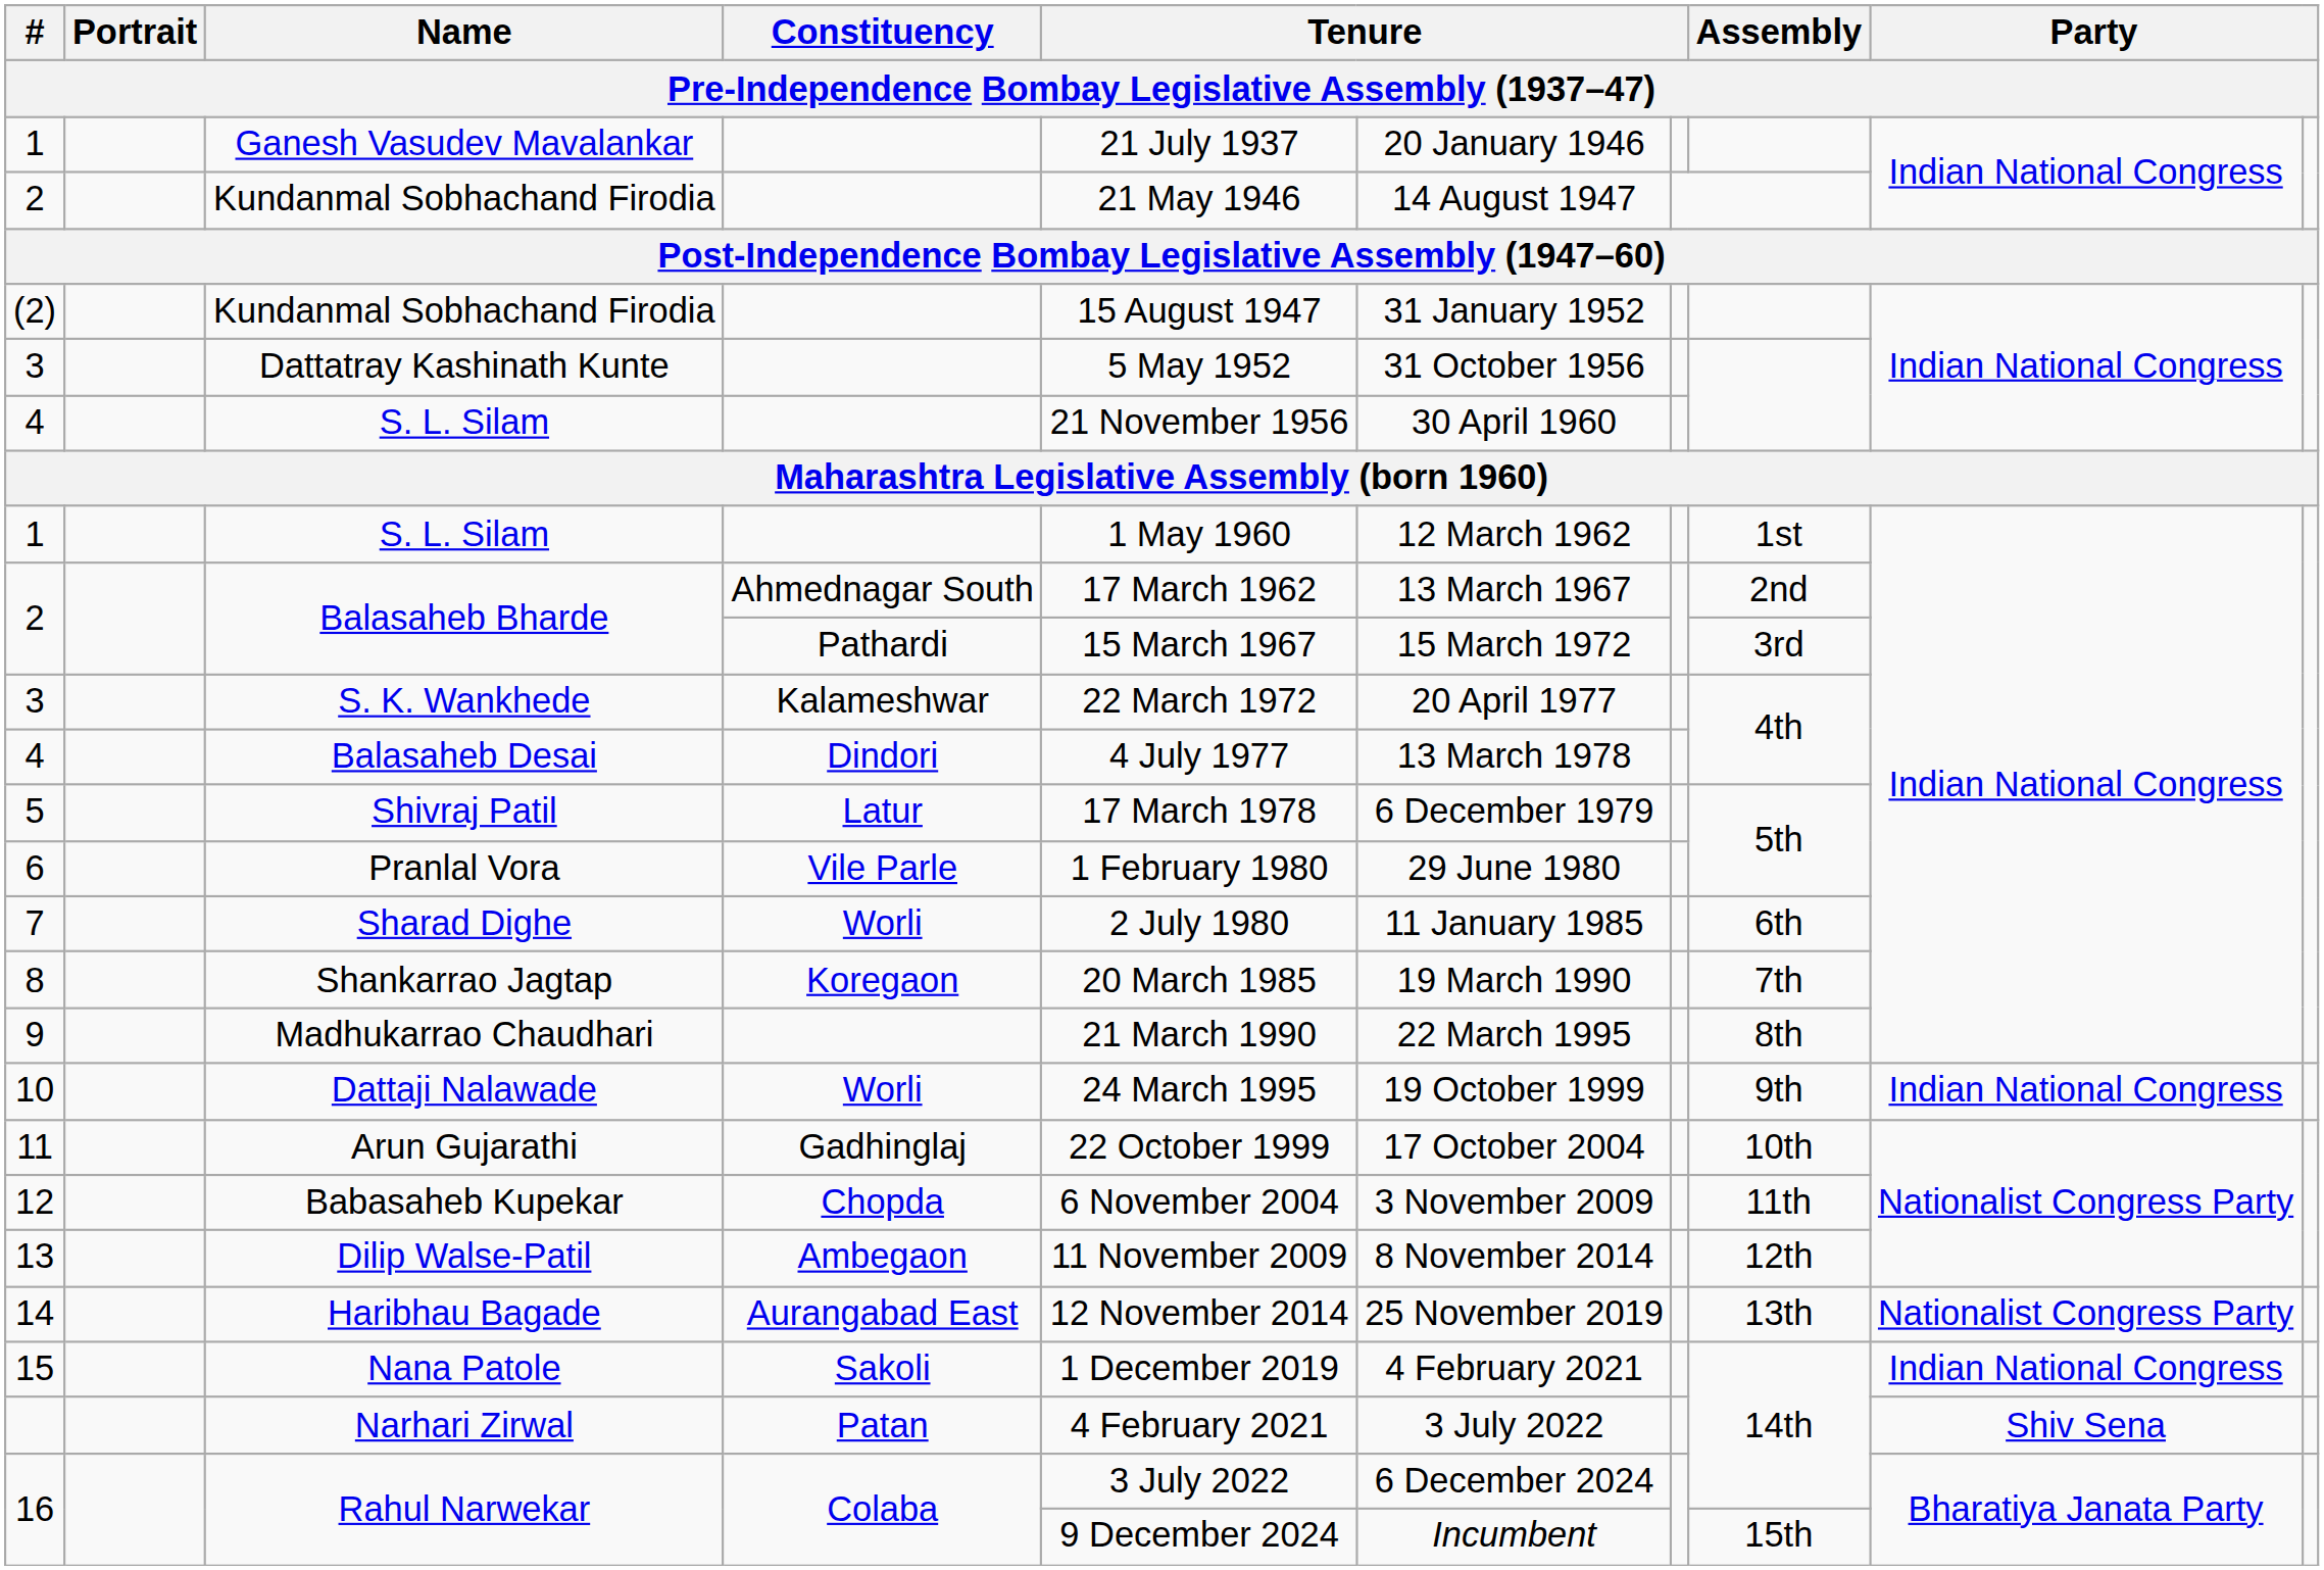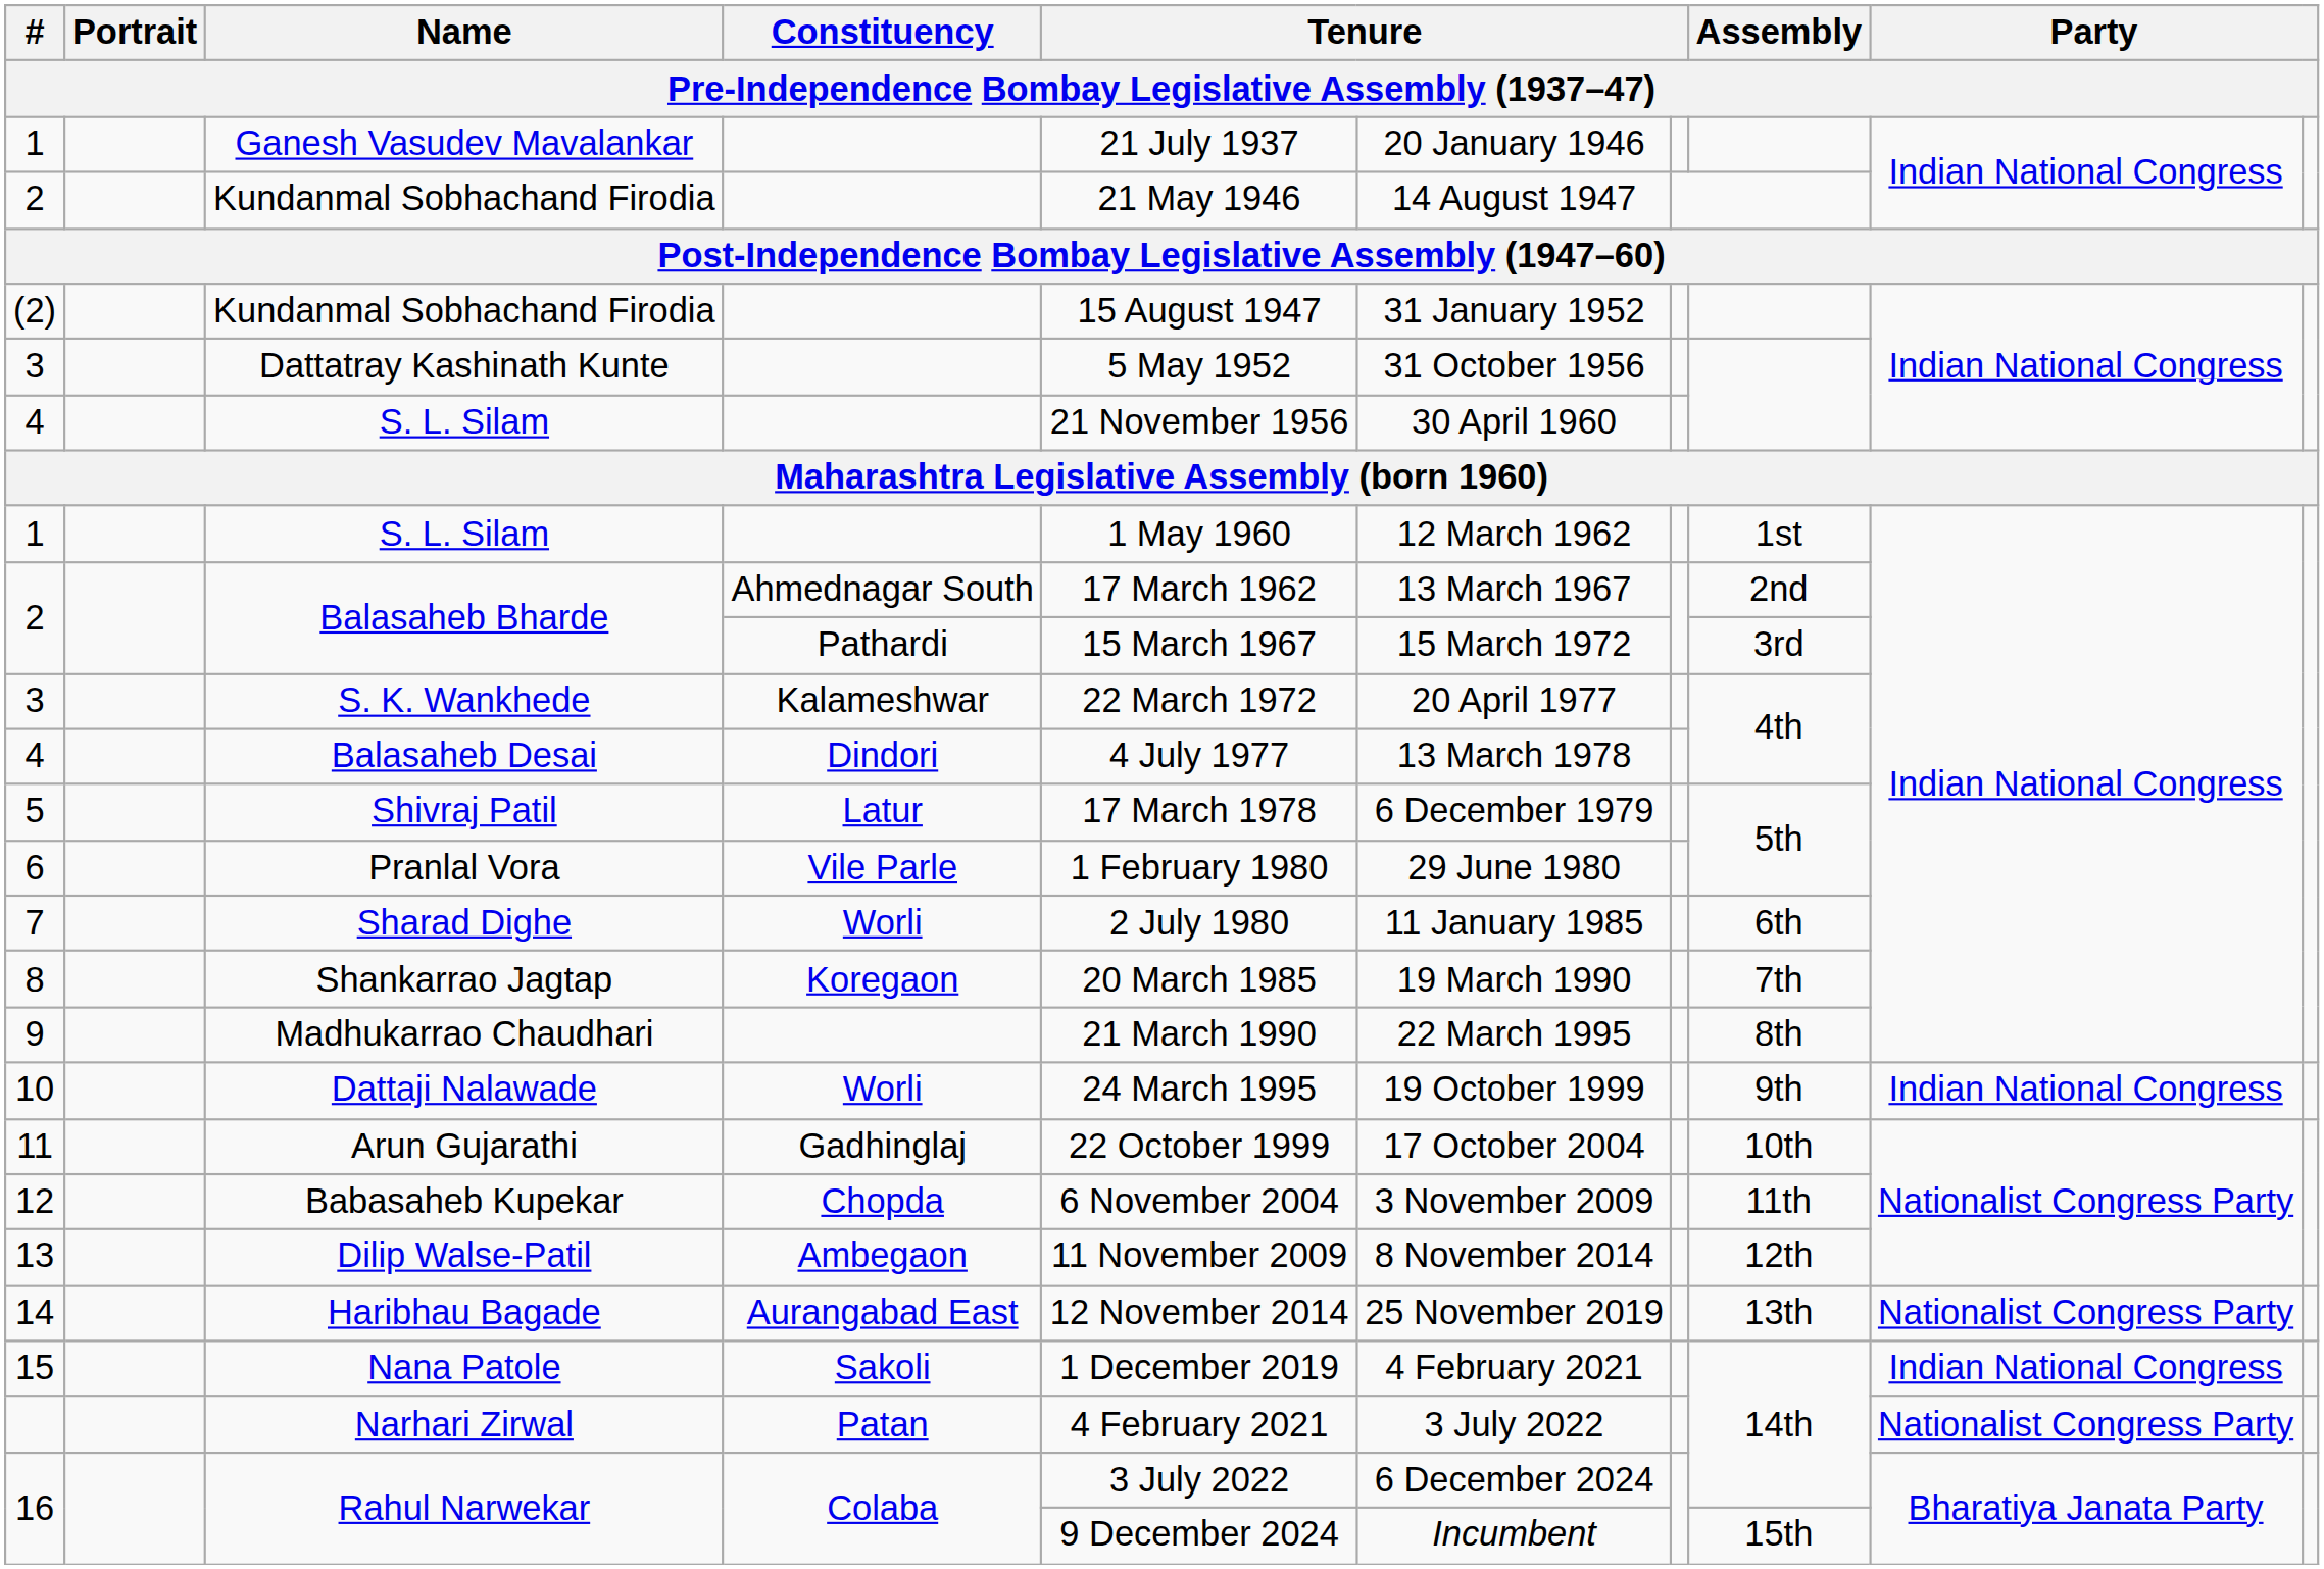 <table class="wikitable" style="text-align:center">
 <tr>
 <th>#</th>
 <th>Portrait</th>
 <th>Name</th>
 <th><a href='#'>Constituency</a></th>
 <th colspan="3" scope="col">Tenure</th>
 <th>Assembly<br></th>
 <th colspan="2" scope="col">Party</th>
 </tr>
 <tr>
 <th colspan="10"><strong><a href='#'>Pre-Independence</a> <a href='#'>Bombay Legislative Assembly</a></strong> (1937–47)</th>
 </tr>
 <tr>
 <td>1</td>
 <td></td>
 <td><a href='#'>Ganesh Vasudev Mavalankar</a></td>
 <td></td>
 <td>21 July 1937</td>
 <td>20 January 1946</td>
 <td></td>
 <td></td>
 <td rowspan="2"><a href='#'>Indian National Congress</a></td>
 <td rowspan="2" style="background-color: "></td>
 </tr>
 <tr>
 <td>2</td>
 <td></td>
 <td>Kundanmal Sobhachand Firodia</td>
 <td></td>
 <td>21 May 1946</td>
 <td>14 August 1947</td>
 </tr>
 <tr>
 <th colspan="10"><strong><a href='#'>Post-Independence</a> <a href='#'>Bombay Legislative Assembly</a></strong> (1947–60)</th>
 </tr>
 <tr>
 <td>(2)</td>
 <td></td>
 <td>Kundanmal Sobhachand Firodia</td>
 <td></td>
 <td>15 August 1947</td>
 <td>31 January 1952</td>
 <td></td>
 <td></td>
 <td rowspan="3"><a href='#'>Indian National Congress</a></td>
 <td rowspan="3" style="background-color: "></td>
 </tr>
 <tr>
 <td>3</td>
 <td></td>
 <td>Dattatray Kashinath Kunte</td>
 <td></td>
 <td>5 May 1952</td>
 <td>31 October 1956</td>
 <td></td>
 </tr>
 <tr>
 <td>4</td>
 <td></td>
 <td><a href='#'>S. L. Silam</a></td>
 <td></td>
 <td>21 November 1956</td>
 <td>30 April 1960</td>
 <td></td>
 </tr>
 <tr>
 <th colspan="10"><strong><a href='#'>Maharashtra Legislative Assembly</a></strong> (born 1960)</th>
 </tr>
 <tr>
 <td>1</td>
 <td></td>
 <td><a href='#'>S. L. Silam</a></td>
 <td></td>
 <td>1 May 1960</td>
 <td>12 March 1962</td>
 <td></td>
 <td>1st<br></td>
 <td rowspan="10"><a href='#'>Indian National Congress</a></td>
 <td rowspan="10" style="background-color: "></td>
 </tr>
 <tr>
 <td rowspan="2">2</td>
 <td rowspan="2"></td>
 <td rowspan="2"><a href='#'>Balasaheb Bharde</a></td>
 <td>Ahmednagar South</td>
 <td>17 March 1962</td>
 <td>13 March 1967</td>
 <td rowspan="2"></td>
 <td>2nd<br></td>
 </tr>
 <tr>
 <td>Pathardi</td>
 <td>15 March 1967</td>
 <td>15 March 1972</td>
 <td>3rd<br></td>
 </tr>
 <tr>
 <td>3</td>
 <td></td>
 <td><a href='#'>S. K. Wankhede</a></td>
 <td>Kalameshwar</td>
 <td>22 March 1972</td>
 <td>20 April 1977</td>
 <td></td>
 <td rowspan="2">4th<br></td>
 </tr>
 <tr>
 <td>4</td>
 <td></td>
 <td><a href='#'>Balasaheb Desai</a></td>
 <td><a href='#'>Dindori</a></td>
 <td>4 July 1977</td>
 <td>13 March 1978</td>
 <td></td>
 </tr>
 <tr>
 <td>5</td>
 <td></td>
 <td><a href='#'>Shivraj Patil</a></td>
 <td><a href='#'>Latur</a></td>
 <td>17 March 1978</td>
 <td>6 December 1979</td>
 <td></td>
 <td rowspan="2">5th<br></td>
 </tr>
 <tr>
 <td>6</td>
 <td></td>
 <td>Pranlal Vora</td>
 <td><a href='#'>Vile Parle</a></td>
 <td>1 February 1980</td>
 <td>29 June 1980</td>
 <td></td>
 </tr>
 <tr>
 <td>7</td>
 <td></td>
 <td><a href='#'>Sharad Dighe</a></td>
 <td><a href='#'>Worli</a></td>
 <td>2 July 1980</td>
 <td>11 January 1985</td>
 <td></td>
 <td>6th<br></td>
 </tr>
 <tr>
 <td>8</td>
 <td></td>
 <td>Shankarrao Jagtap</td>
 <td><a href='#'>Koregaon</a></td>
 <td>20 March 1985</td>
 <td>19 March 1990</td>
 <td></td>
 <td>7th<br></td>
 </tr>
 <tr>
 <td>9</td>
 <td></td>
 <td>Madhukarrao Chaudhari</td>
 <td></td>
 <td>21 March 1990</td>
 <td>22 March 1995</td>
 <td></td>
 <td>8th<br></td>
 </tr>
 <tr>
 <td>10</td>
 <td></td>
 <td><a href='#'>Dattaji Nalawade</a></td>
 <td><a href='#'>Worli</a></td>
 <td>24 March 1995</td>
 <td>19 October 1999</td>
 <td></td>
 <td>9th<br></td>
 <td><a href='#'>Indian National Congress</a></td>
 <td style="background-color: "></td>
 </tr>
 <tr>
 <td>11</td>
 <td></td>
 <td>Arun Gujarathi</td>
 <td>Gadhinglaj</td>
 <td>22 October 1999</td>
 <td>17 October 2004</td>
 <td></td>
 <td>10th<br></td>
 <td rowspan="3"><a href='#'>Nationalist Congress Party</a></td>
 <td rowspan="3" style="background-color: "></td>
 </tr>
 <tr>
 <td>12</td>
 <td></td>
 <td>Babasaheb Kupekar</td>
 <td><a href='#'>Chopda</a></td>
 <td>6 November 2004</td>
 <td>3 November 2009</td>
 <td></td>
 <td>11th<br></td>
 </tr>
 <tr>
 <td>13</td>
 <td></td>
 <td><a href='#'>Dilip Walse-Patil</a></td>
 <td><a href='#'>Ambegaon</a></td>
 <td>11 November 2009</td>
 <td>8 November 2014</td>
 <td></td>
 <td>12th<br></td>
 </tr>
 <tr>
 <td>14</td>
 <td></td>
 <td><a href='#'>Haribhau Bagade</a></td>
 <td><a href='#'>Aurangabad East</a></td>
 <td>12 November 2014</td>
 <td>25 November 2019</td>
 <td></td>
 <td>13th<br></td>
 <td><a href='#'>Nationalist Congress Party</a></td>
 <td style="background-color: "></td>
 </tr>
 <tr>
 <td>15</td>
 <td></td>
 <td><a href='#'>Nana Patole</a></td>
 <td><a href='#'>Sakoli</a></td>
 <td>1 December 2019</td>
 <td>4 February 2021</td>
 <td></td>
 <td rowspan="3">14th<br></td>
 <td><a href='#'>Indian National Congress</a></td>
 <td style="background-color: "></td>
 </tr>
 <tr>
 <td></td>
 <td></td>
 <td><a href='#'>Narhari Zirwal</a></td>
 <td><a href='#'>Patan</a></td>
 <td>4 February 2021</td>
 <td>3 July 2022</td>
 <td></td>
-<td><a href='#'>Shiv Sena</a></td>
+<td><a href='#'>Nationalist Congress Party</a></td>
 <td style="background-color: "></td>
 </tr>
 <tr>
 <td rowspan="2">16</td>
 <td rowspan="2"></td>
 <td rowspan="2"><a href='#'>Rahul Narwekar</a></td>
 <td rowspan="2"><a href='#'>Colaba</a></td>
 <td>3 July 2022</td>
 <td>6 December 2024</td>
 <td rowspan="2"></td>
 <td rowspan="2"><a href='#'>Bharatiya Janata Party</a></td>
 <td rowspan="2" style="background-color: "></td>
 </tr>
 <tr>
 <td>9 December 2024</td>
 <td><em>Incumbent</em></td>
 <td>15th<br></td>
 </tr>
 </table>
